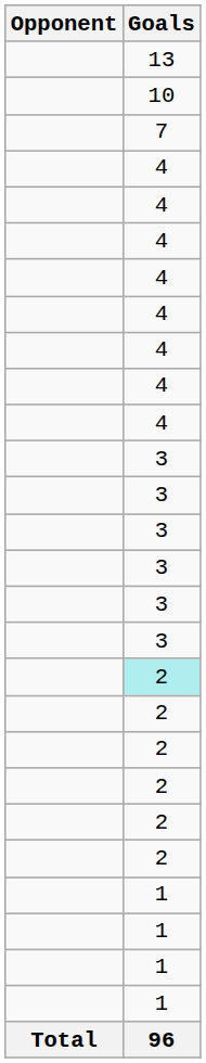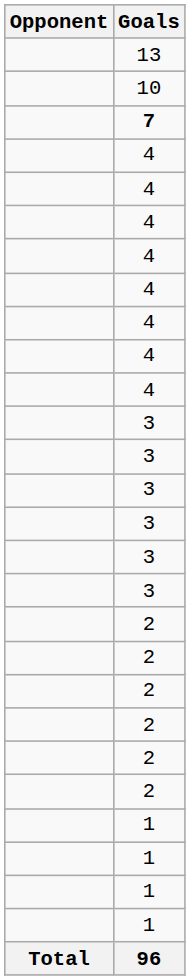 <table class="wikitable sortable" style="text-align:center">
 <tr>
 <th scope="col">Opponent</th>
 <th scope="col">Goals</th>
 </tr>
 <tr>
 <td style="text-align:left"></td>
 <td>13</td>
 </tr>
 <tr>
 <td style="text-align:left"></td>
 <td>10</td>
 </tr>
 <tr>
 <td style="text-align:left"></td>
-<td>7</td>
+<td><strong>7</strong></td>
 </tr>
 <tr>
 <td style="text-align:left"></td>
 <td>4</td>
 </tr>
 <tr>
 <td style="text-align:left"></td>
 <td>4</td>
 </tr>
 <tr>
 <td style="text-align:left"></td>
 <td>4</td>
 </tr>
 <tr>
 <td style="text-align:left"></td>
 <td>4</td>
 </tr>
 <tr>
 <td style="text-align:left"></td>
 <td>4</td>
 </tr>
 <tr>
 <td style="text-align:left"></td>
 <td>4</td>
 </tr>
 <tr>
 <td style="text-align:left"></td>
 <td>4</td>
 </tr>
 <tr>
 <td style="text-align:left"></td>
 <td>4</td>
 </tr>
 <tr>
 <td style="text-align:left"></td>
 <td>3</td>
 </tr>
 <tr>
 <td style="text-align:left"></td>
 <td>3</td>
 </tr>
 <tr>
 <td style="text-align:left"></td>
 <td>3</td>
 </tr>
 <tr>
 <td style="text-align:left"></td>
 <td>3</td>
 </tr>
 <tr>
 <td style="text-align:left"></td>
 <td>3</td>
 </tr>
 <tr>
 <td style="text-align:left"></td>
 <td>3</td>
 </tr>
 <tr>
 <td style="text-align:left"></td>
-<td style="background: paleturquoise;">2</td>
+<td>2</td>
 </tr>
 <tr>
 <td style="text-align:left"></td>
 <td>2</td>
 </tr>
 <tr>
 <td style="text-align:left"></td>
 <td>2</td>
 </tr>
 <tr>
 <td style="text-align:left"></td>
 <td>2</td>
 </tr>
 <tr>
 <td style="text-align:left"></td>
 <td>2</td>
 </tr>
 <tr>
 <td style="text-align:left"></td>
 <td>2</td>
 </tr>
 <tr>
 <td style="text-align:left"></td>
 <td>1</td>
 </tr>
 <tr>
 <td style="text-align:left"></td>
 <td>1</td>
 </tr>
 <tr>
 <td style="text-align:left"></td>
 <td>1</td>
 </tr>
 <tr>
 <td style="text-align:left"></td>
 <td>1</td>
 </tr>
 <tr>
 <th>Total</th>
 <th>96</th>
 </tr>
 </table>
